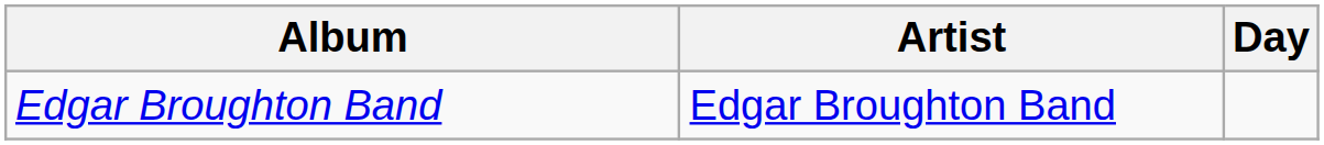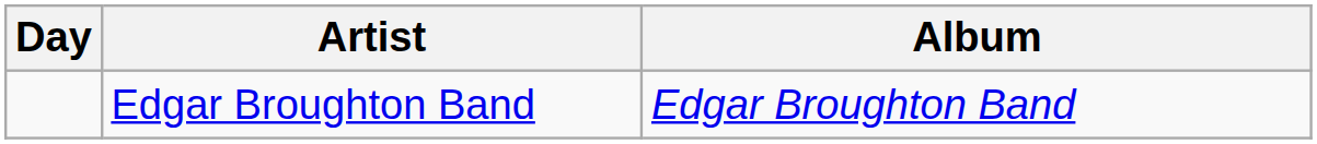 <table class="wikitable" border="1">
 <tr>
+<th>Day</th>
+<th width="200">Artist</th>
 <th width="250">Album</th>
-<th width="200">Artist</th>
-<th>Day</th>
 </tr>
 <tr>
+<td style="text-align:center;" rowspan="1"></td>
+<td><a href='#'>Edgar Broughton Band</a></td>
 <td><em><a href='#'>Edgar Broughton Band</a></em></td>
-<td><a href='#'>Edgar Broughton Band</a></td>
-<td style="text-align:center;" rowspan="1"></td>
 </tr>
 </table>
